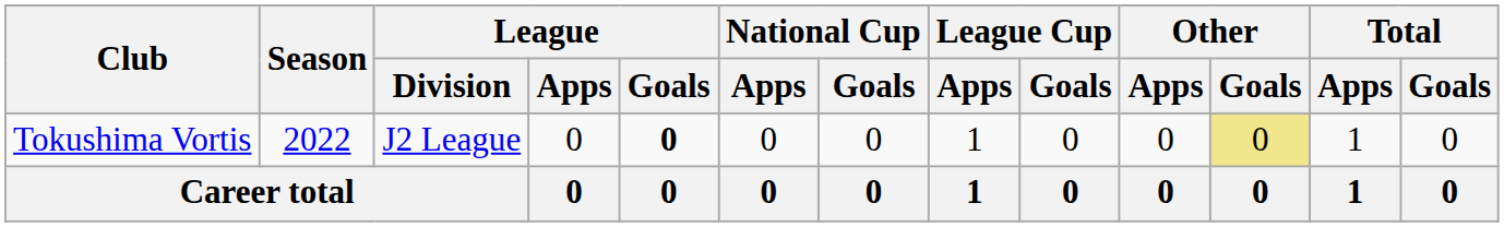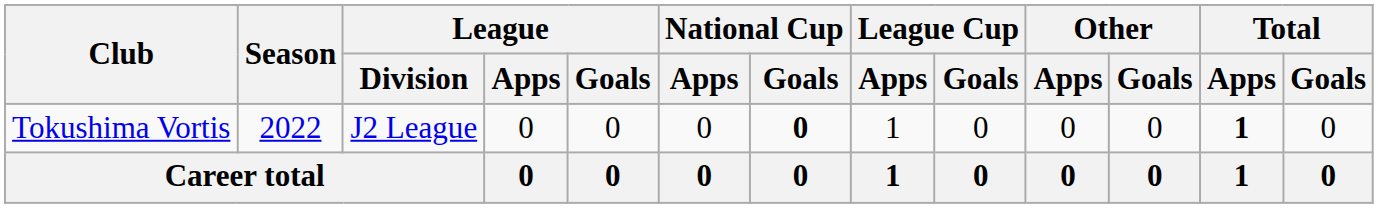 <table class="wikitable" style="text-align: center">
 <tr>
 <th rowspan="2">Club</th>
 <th rowspan="2">Season</th>
 <th colspan="3">League</th>
 <th colspan="2">National Cup</th>
 <th colspan="2">League Cup</th>
 <th colspan="2">Other</th>
 <th colspan="2">Total</th>
 </tr>
 <tr>
 <th>Division</th>
 <th>Apps</th>
 <th>Goals</th>
 <th>Apps</th>
 <th>Goals</th>
 <th>Apps</th>
 <th>Goals</th>
 <th>Apps</th>
 <th>Goals</th>
 <th>Apps</th>
 <th>Goals</th>
 </tr>
 <tr>
 <td><a href='#'>Tokushima Vortis</a></td>
 <td><a href='#'>2022</a></td>
 <td><a href='#'>J2 League</a></td>
 <td>0</td>
-<td><strong>0</strong></td>
 <td>0</td>
 <td>0</td>
+<td><strong>0</strong></td>
 <td>1</td>
 <td>0</td>
 <td>0</td>
-<td style="background: khaki;">0</td>
-<td>1</td>
+<td>0</td>
+<td><strong>1</strong></td>
 <td>0</td>
 </tr>
 <tr>
 <th colspan=3>Career total</th>
 <th>0</th>
 <th>0</th>
 <th>0</th>
 <th>0</th>
 <th>1</th>
 <th>0</th>
 <th>0</th>
 <th>0</th>
 <th>1</th>
 <th>0</th>
 </tr>
 </table>
